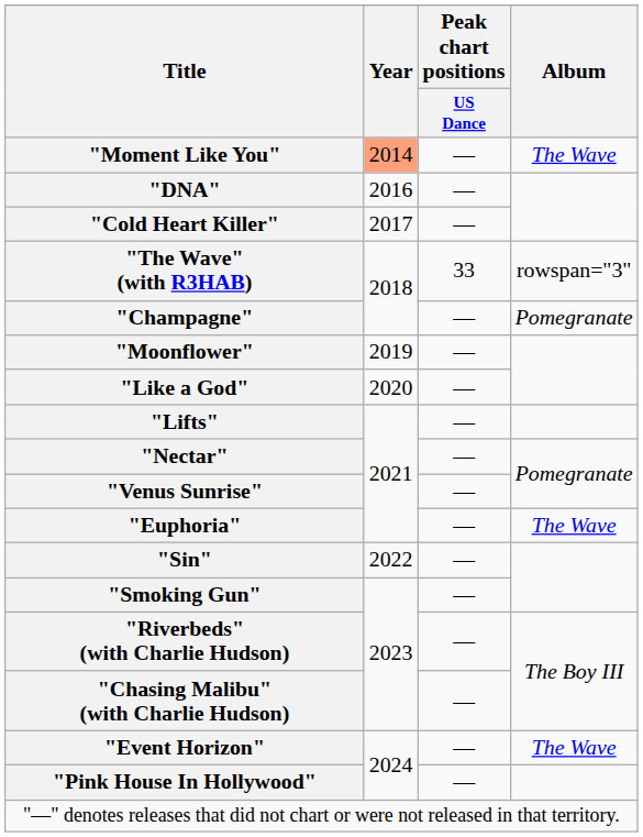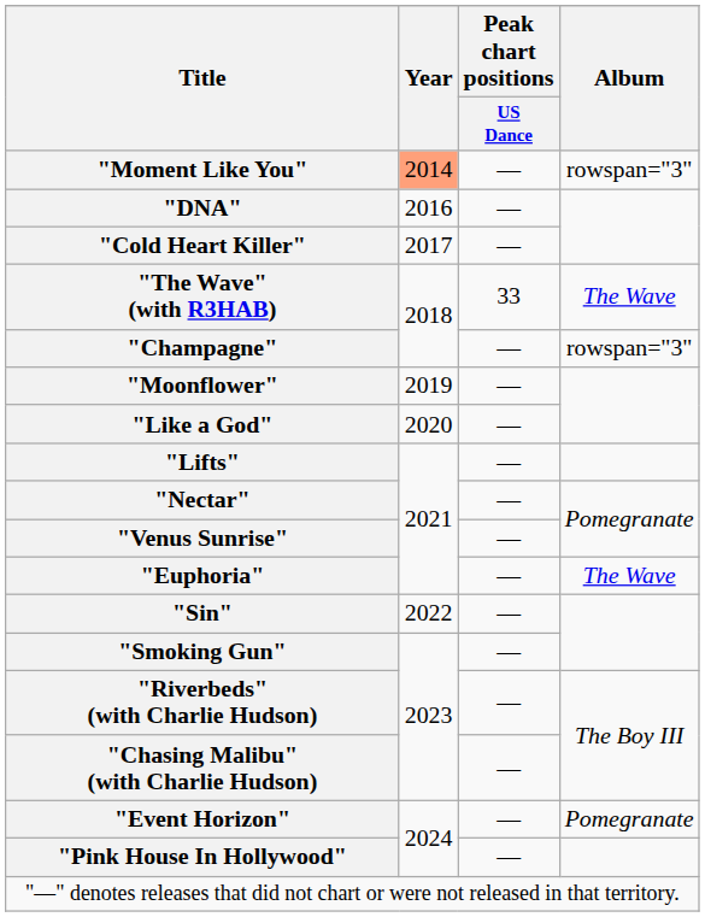 <table class="wikitable plainrowheaders" style="text-align:center;">
 <tr>
 </tr>
 <tr>
 <th scope="col" rowspan="2" style="width:16em;">Title</th>
 <th rowspan="2">Year</th>
 <th colspan="1">Peak chart positions</th>
 <th rowspan="2">Album</th>
 </tr>
 <tr style="font-size:smaller;">
 <th scope="col" style="width:2.5em;font-size:90%;"><a href='#'>US<br>Dance</a><br></th>
 </tr>
 <tr>
 <th scope="row">"Moment Like You"</th>
 <td style="background: lightsalmon;">2014</td>
 <td>—</td>
-<td><em><a href='#'>The Wave</a></em></td>
+<td>rowspan="3" </td>
 </tr>
 <tr>
 <th scope="row">"DNA"</th>
 <td>2016</td>
 <td>—</td>
 </tr>
 <tr>
 <th scope="row">"Cold Heart Killer"</th>
 <td>2017</td>
 <td>—</td>
 </tr>
 <tr>
 <th scope="row">"The Wave"<br><span>(with <a href='#'>R3HAB</a>)</span></th>
 <td rowspan="2">2018</td>
 <td>33</td>
-<td>rowspan="3" </td>
+<td><em><a href='#'>The Wave</a></em></td>
 </tr>
 <tr>
 <th scope="row">"Champagne"</th>
 <td>—</td>
-<td><em>Pomegranate</em></td>
+<td>rowspan="3" </td>
 </tr>
 <tr>
 <th scope="row">"Moonflower"</th>
 <td>2019</td>
 <td>—</td>
 </tr>
 <tr>
 <th scope="row">"Like a God"</th>
 <td>2020</td>
 <td>—</td>
 </tr>
 <tr>
 <th scope="row">"Lifts"</th>
 <td rowspan="4">2021</td>
 <td>—</td>
 <td></td>
 </tr>
 <tr>
 <th scope="row">"Nectar"</th>
 <td>—</td>
 <td rowspan="2"><em>Pomegranate</em></td>
 </tr>
 <tr>
 <th scope="row">"Venus Sunrise"</th>
 <td>—</td>
 </tr>
 <tr>
 <th scope="row">"Euphoria"</th>
 <td>—</td>
 <td><em><a href='#'>The Wave</a></em></td>
 </tr>
 <tr>
 <th scope="row">"Sin"</th>
 <td>2022</td>
 <td>—</td>
 </tr>
 <tr>
 <th scope="row">"Smoking Gun"</th>
 <td rowspan="3">2023</td>
 <td>—</td>
 </tr>
 <tr>
 <th scope="row">"Riverbeds"<br><span>(with Charlie Hudson)</span><br></th>
 <td>—</td>
 <td rowspan="2"><em>The Boy III</em></td>
 </tr>
 <tr>
 <th scope="row">"Chasing Malibu"<br><span>(with Charlie Hudson)</span></th>
 <td>—</td>
 </tr>
 <tr>
 <th scope="row">"Event Horizon"</th>
 <td rowspan="2">2024</td>
 <td>—</td>
-<td><em><a href='#'>The Wave</a></em></td>
+<td><em>Pomegranate</em></td>
 </tr>
 <tr>
 <th scope="row">"Pink House In Hollywood"</th>
 <td>—</td>
 <td></td>
 </tr>
 <tr>
 <td colspan="5" style="text-align:center; font-size:90%;">"—" denotes releases that did not chart or were not released in that territory.</td>
 </tr>
 </table>
